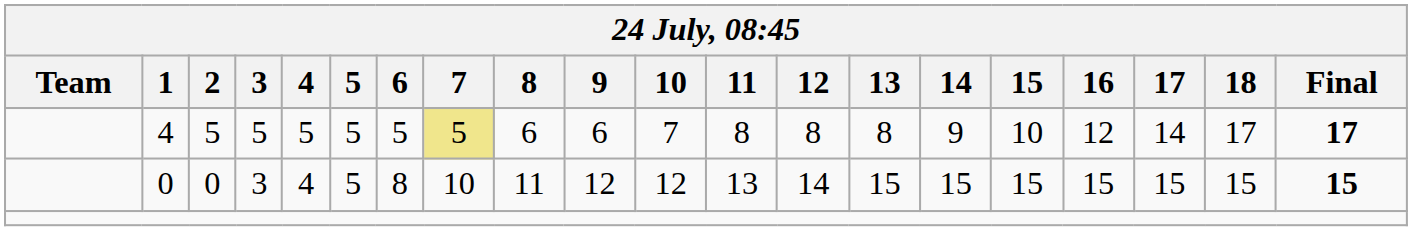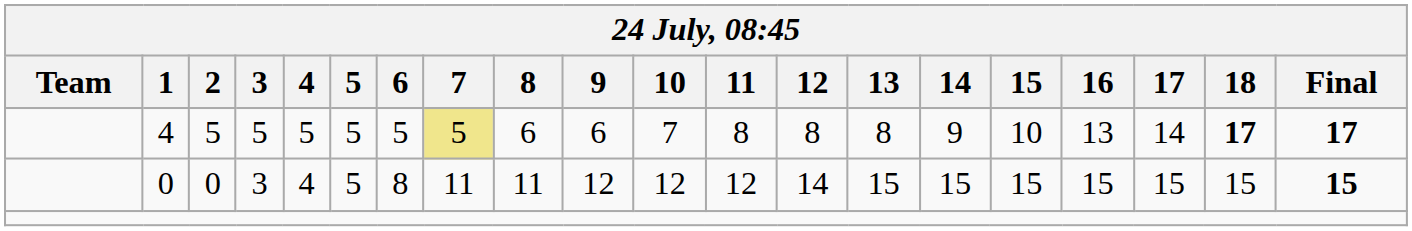 <table class=wikitable style="text-align:center; width: 55%">
 <tr>
 <th colspan=20><em>24 July, 08:45</em></th>
 </tr>
 <tr>
 <th>Team</th>
 <th>1</th>
 <th>2</th>
 <th>3</th>
 <th>4</th>
 <th>5</th>
 <th>6</th>
 <th>7</th>
 <th>8</th>
 <th>9</th>
 <th>10</th>
 <th>11</th>
 <th>12</th>
 <th>13</th>
 <th>14</th>
 <th>15</th>
 <th>16</th>
 <th>17</th>
 <th>18</th>
 <th>Final</th>
 </tr>
 <tr>
 <td align=left><strong></strong></td>
 <td>4</td>
 <td>5</td>
 <td>5</td>
 <td>5</td>
 <td>5</td>
 <td>5</td>
 <td style="background: khaki;">5</td>
 <td>6</td>
 <td>6</td>
 <td>7</td>
 <td>8</td>
 <td>8</td>
 <td>8</td>
 <td>9</td>
 <td>10</td>
-<td>12</td>
+<td>13</td>
 <td>14</td>
-<td>17</td>
+<td><strong>17</strong></td>
 <td><strong>17</strong></td>
 </tr>
 <tr>
 <td align=left></td>
 <td>0</td>
 <td>0</td>
 <td>3</td>
 <td>4</td>
 <td>5</td>
 <td>8</td>
-<td>10</td>
+<td>11</td>
 <td>11</td>
 <td>12</td>
 <td>12</td>
-<td>13</td>
+<td>12</td>
 <td>14</td>
 <td>15</td>
 <td>15</td>
 <td>15</td>
 <td>15</td>
 <td>15</td>
 <td>15</td>
 <td><strong>15</strong></td>
 </tr>
 <tr>
 <td colspan=20></td>
 </tr>
 </table>
